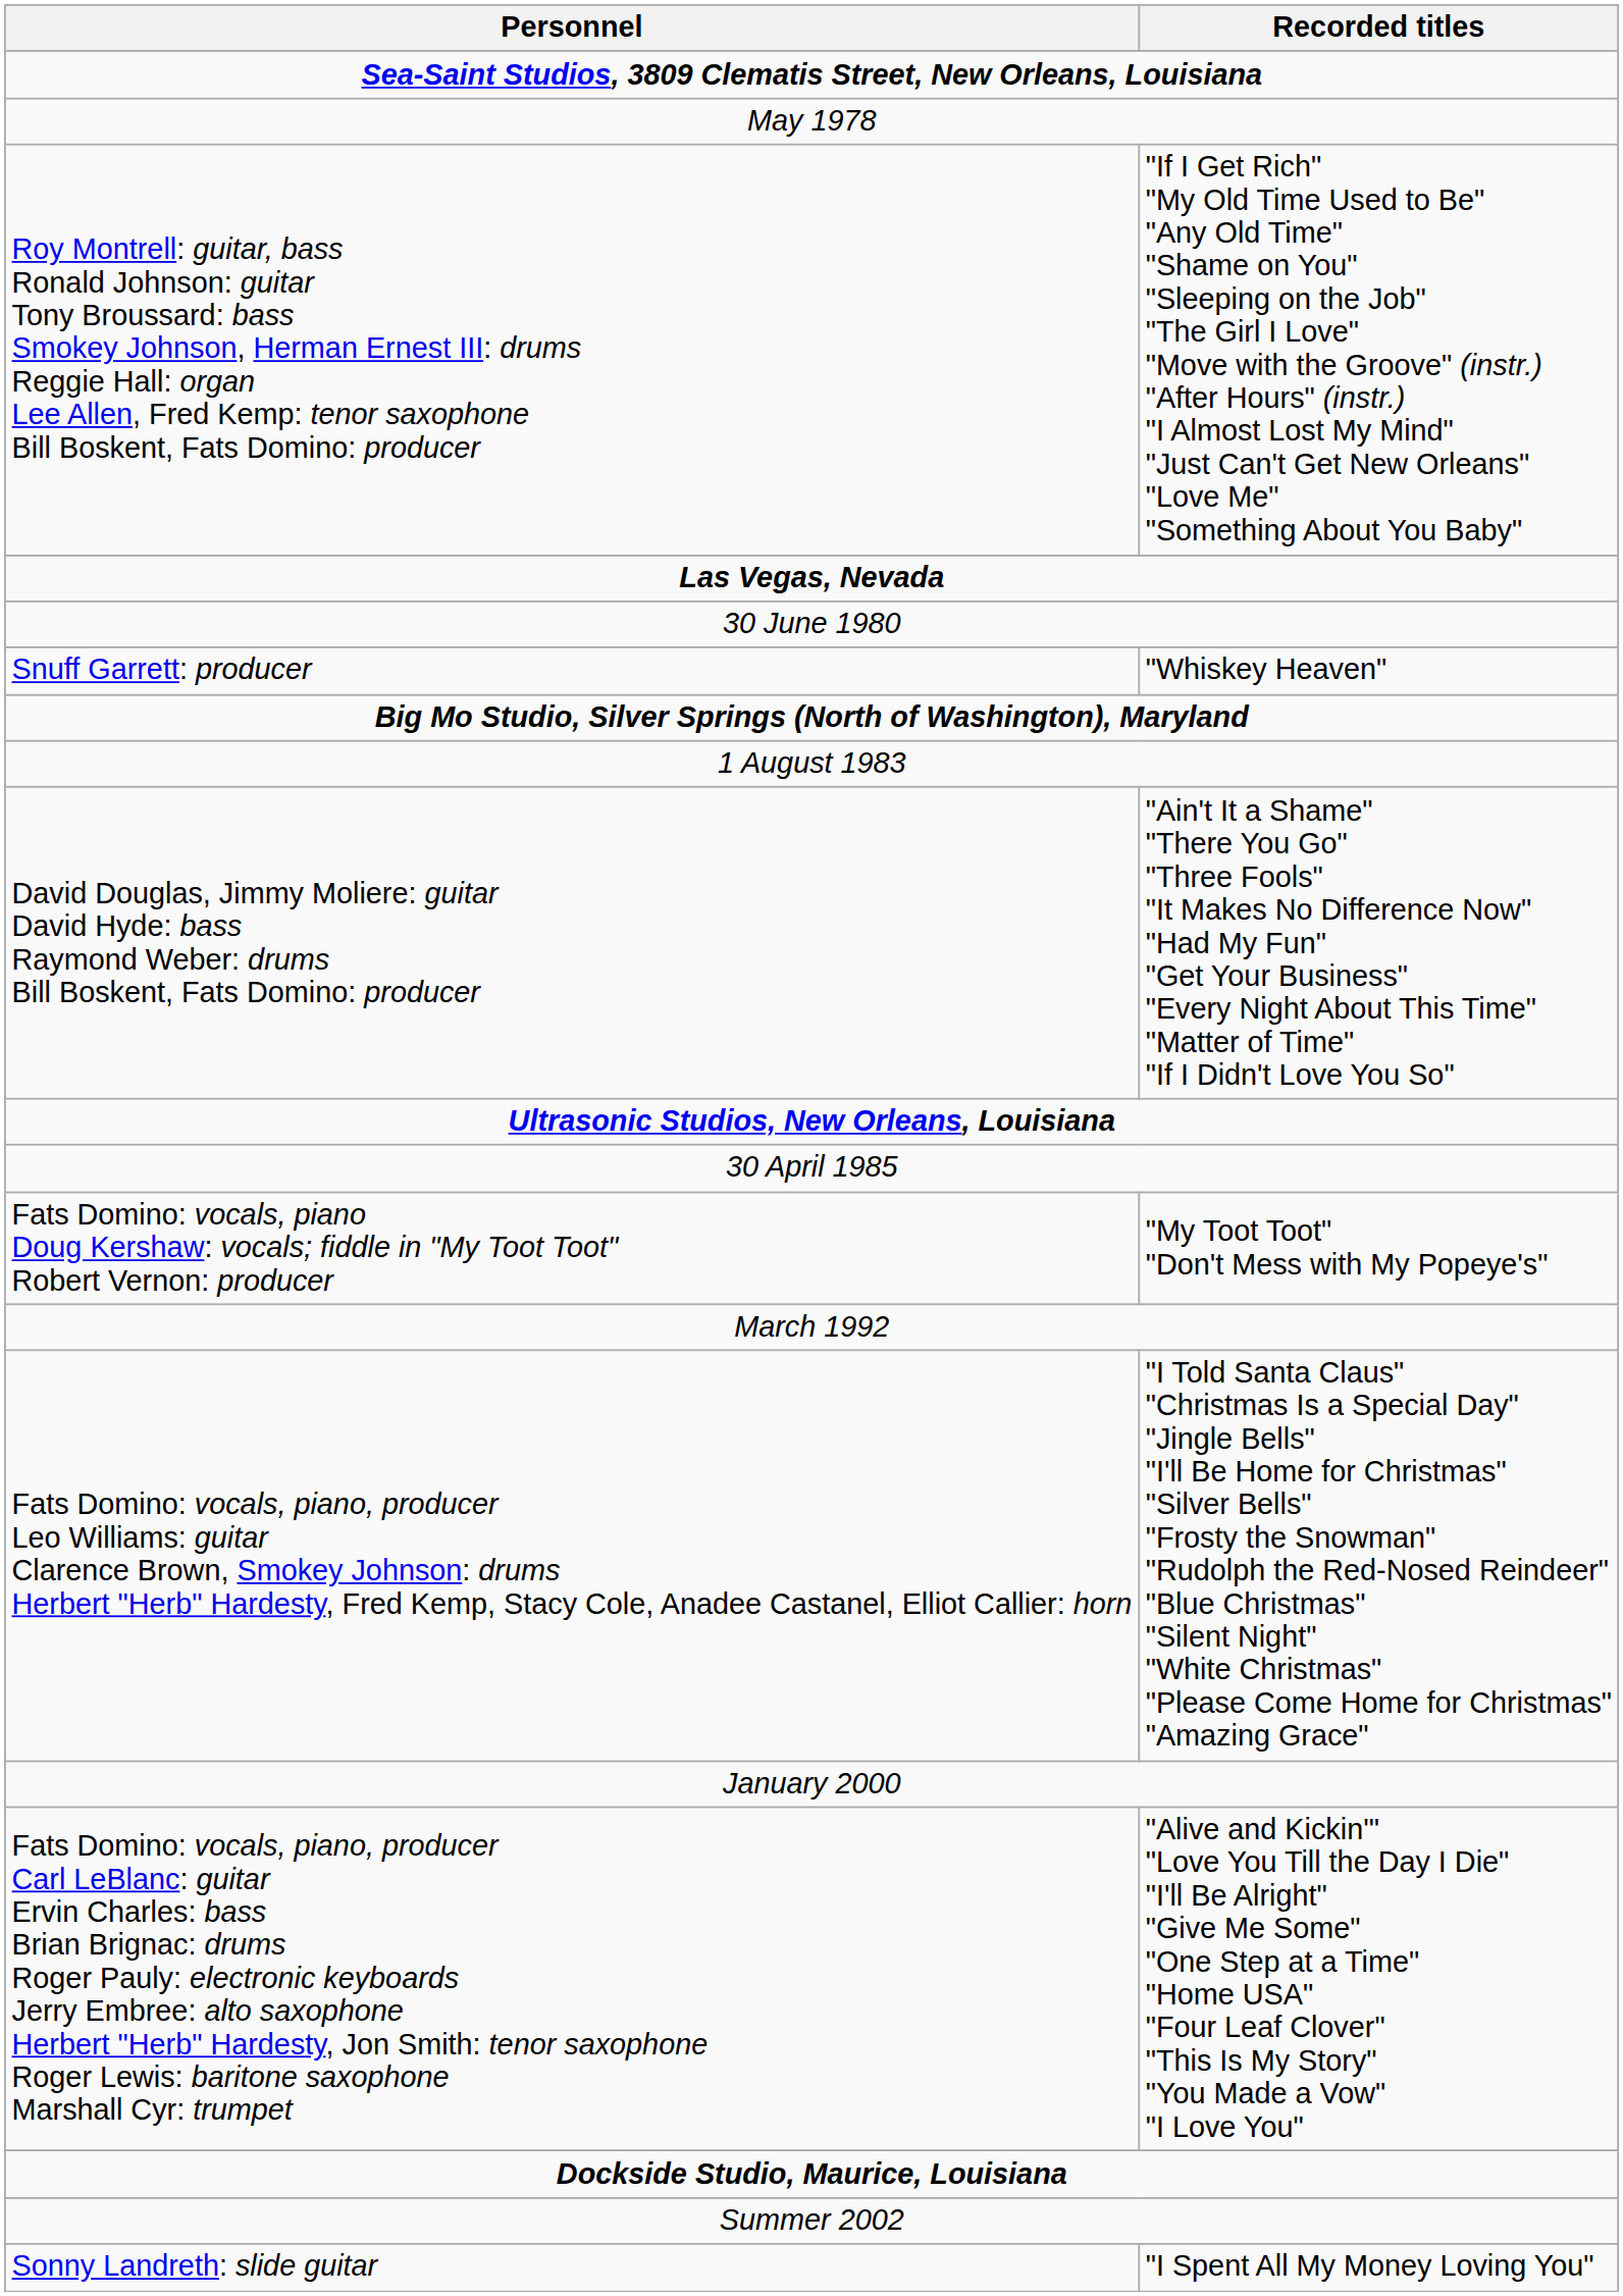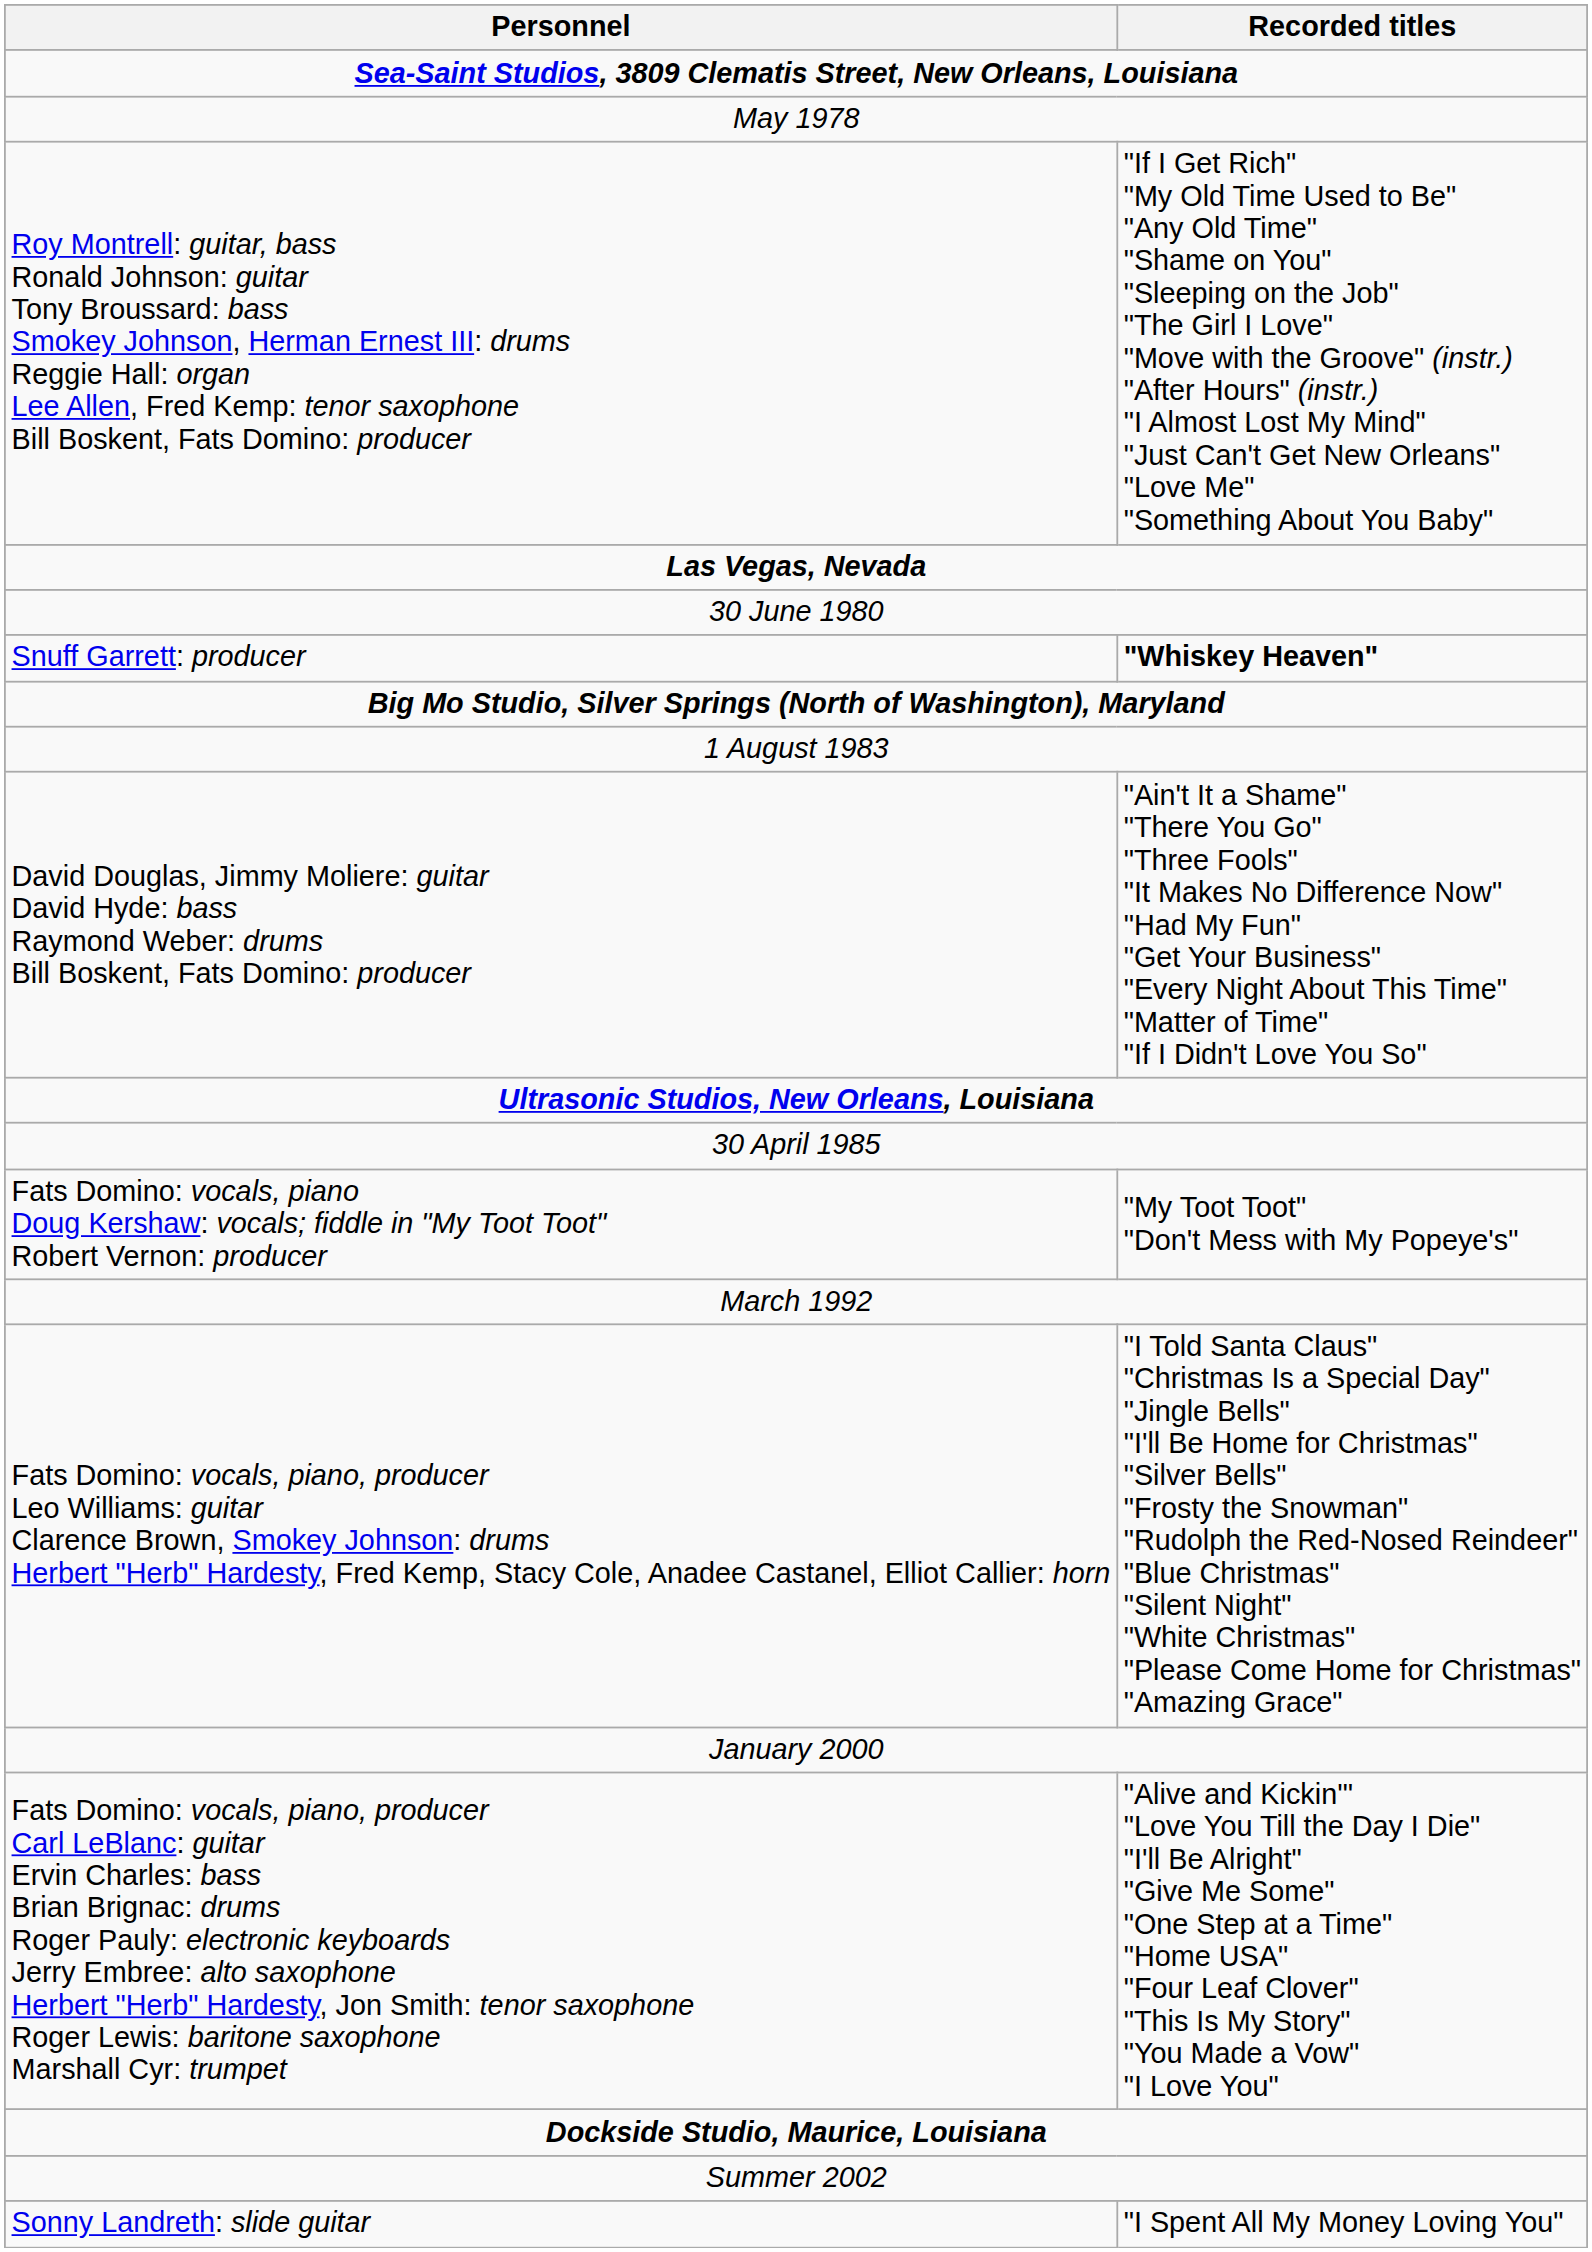 <table class="wikitable">
 <tr>
 <th>Personnel</th>
 <th>Recorded titles</th>
 </tr>
 <tr>
 <td colspan="2" align=center><strong><em><a href='#'>Sea-Saint Studios</a>, 3809 Clematis Street, New Orleans, Louisiana</em></strong></td>
 </tr>
 <tr>
 <td colspan="2" align=center><em>May 1978</em></td>
 </tr>
 <tr>
 <td><a href='#'>Roy Montrell</a>: <em>guitar, bass</em><br>Ronald Johnson: <em>guitar</em><br>Tony Broussard: <em>bass</em><br><a href='#'>Smokey Johnson</a>, <a href='#'>Herman Ernest III</a>: <em>drums</em><br>Reggie Hall: <em>organ</em><br><a href='#'>Lee Allen</a>, Fred Kemp: <em>tenor saxophone</em><br>Bill Boskent, Fats Domino: <em>producer</em></td>
 <td>"If I Get Rich"<br>"My Old Time Used to Be"<br>"Any Old Time"<br>"Shame on You"<br>"Sleeping on the Job"<br>"The Girl I Love"<br>"Move with the Groove" <em>(instr.)</em><br>"After Hours" <em>(instr.)</em><br>"I Almost Lost My Mind"<br>"Just Can't Get New Orleans"<br>"Love Me"<br>"Something About You Baby"</td>
 </tr>
 <tr>
 <td colspan="2" align=center><strong><em>Las Vegas, Nevada</em></strong></td>
 </tr>
 <tr>
 <td colspan="2" align=center><em>30 June 1980</em></td>
 </tr>
 <tr>
 <td><a href='#'>Snuff Garrett</a>: <em>producer</em></td>
-<td>"Whiskey Heaven"</td>
+<td><strong>"Whiskey Heaven"</strong></td>
 </tr>
 <tr>
 <td colspan="2" align=center><strong><em>Big Mo Studio, Silver Springs (North of Washington), Maryland</em></strong></td>
 </tr>
 <tr>
 <td colspan="2" align=center><em>1 August 1983</em></td>
 </tr>
 <tr>
 <td>David Douglas, Jimmy Moliere: <em>guitar</em><br>David Hyde: <em>bass</em><br>Raymond Weber: <em>drums</em><br>Bill Boskent, Fats Domino: <em>producer</em></td>
 <td>"Ain't It a Shame"<br>"There You Go"<br>"Three Fools"<br>"It Makes No Difference Now"<br>"Had My Fun"<br>"Get Your Business"<br>"Every Night About This Time"<br>"Matter of Time"<br>"If I Didn't Love You So"</td>
 </tr>
 <tr>
 <td colspan="2" align=center><strong><em><a href='#'>Ultrasonic Studios, New Orleans</a>, Louisiana</em></strong></td>
 </tr>
 <tr>
 <td colspan="2" align=center><em>30 April 1985</em></td>
 </tr>
 <tr>
 <td>Fats Domino: <em>vocals, piano</em><br><a href='#'>Doug Kershaw</a>: <em>vocals; fiddle in "My Toot Toot"</em><br>Robert Vernon: <em>producer</em></td>
 <td>"My Toot Toot"<br>"Don't Mess with My Popeye's"</td>
 </tr>
 <tr>
 <td colspan="2" align=center><em>March 1992</em></td>
 </tr>
 <tr>
 <td>Fats Domino: <em>vocals, piano, producer</em><br>Leo Williams: <em>guitar</em><br>Clarence Brown, <a href='#'>Smokey Johnson</a>: <em>drums</em><br><a href='#'>Herbert "Herb" Hardesty</a>, Fred Kemp, Stacy Cole, Anadee Castanel, Elliot Callier: <em>horn</em></td>
 <td>"I Told Santa Claus"<br>"Christmas Is a Special Day"<br>"Jingle Bells"<br>"I'll Be Home for Christmas"<br>"Silver Bells"<br>"Frosty the Snowman"<br>"Rudolph the Red-Nosed Reindeer"<br>"Blue Christmas"<br>"Silent Night"<br>"White Christmas"<br>"Please Come Home for Christmas"<br>"Amazing Grace"</td>
 </tr>
 <tr>
 <td colspan="2" align=center><em>January 2000</em></td>
 </tr>
 <tr>
 <td>Fats Domino: <em>vocals, piano, producer</em><br><a href='#'>Carl LeBlanc</a>: <em>guitar</em><br>Ervin Charles: <em>bass</em><br>Brian Brignac: <em>drums</em><br>Roger Pauly: <em>electronic keyboards</em><br>Jerry Embree: <em>alto saxophone</em><br><a href='#'>Herbert "Herb" Hardesty</a>, Jon Smith: <em>tenor saxophone</em><br>Roger Lewis: <em>baritone saxophone</em><br>Marshall Cyr: <em>trumpet</em></td>
 <td>"Alive and Kickin'"<br>"Love You Till the Day I Die"<br>"I'll Be Alright"<br>"Give Me Some"<br>"One Step at a Time"<br>"Home USA"<br>"Four Leaf Clover"<br>"This Is My Story"<br>"You Made a Vow"<br>"I Love You"</td>
 </tr>
 <tr>
 <td colspan="2" align=center><strong><em>Dockside Studio, Maurice, Louisiana</em></strong></td>
 </tr>
 <tr>
 <td colspan="2" align=center><em>Summer 2002</em></td>
 </tr>
 <tr>
 <td><a href='#'>Sonny Landreth</a>: <em>slide guitar</em></td>
 <td>"I Spent All My Money Loving You"</td>
 </tr>
 </table>
